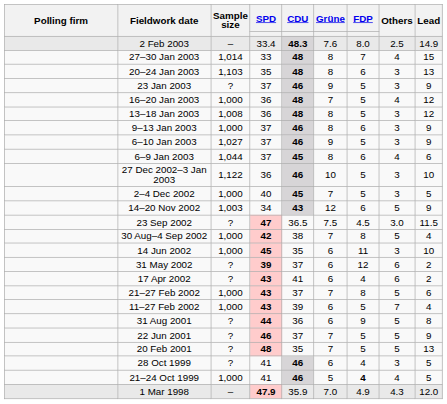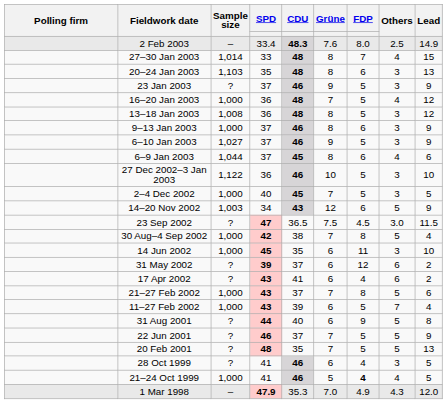 <table class="wikitable sortable" style="text-align:center;font-size:90%;line-height:14px;">
 <tr style="height:40px;">
 <th style="width:160px;" rowspan="2">Polling firm</th>
 <th style="width:130px;" rowspan="2">Fieldwork date</th>
 <th style="width:35px;" rowspan="2">Sample<br>size</th>
 <th class="unsortable" style="width:40px;"><a href='#'>SPD</a></th>
 <th class="unsortable" style="width:40px;"><a href='#'>CDU</a></th>
 <th class="unsortable" style="width:40px;"><a href='#'>Grüne</a></th>
 <th class="unsortable" style="width:40px;"><a href='#'>FDP</a></th>
 <th class="unsortable" style="width:40px;" rowspan="2">Others</th>
 <th style="width:30px;" rowspan="2">Lead</th>
 </tr>
 <tr>
 <th style="background:"></th>
 <th style="background:"></th>
 <th style="background:"></th>
 <th style="background:"></th>
 </tr>
 <tr style="background:#E9E9E9;">
 <td></td>
 <td data-sort-value="2003-02-02">2 Feb 2003</td>
 <td>–</td>
 <td>33.4</td>
 <td style="background:#D7D5D7;"><strong>48.3</strong></td>
 <td>7.6</td>
 <td>8.0</td>
 <td>2.5</td>
 <td style="background:">14.9</td>
 </tr>
 <tr>
 <td></td>
 <td data-sort-value="2003-01-31">27–30 Jan 2003</td>
 <td>1,014</td>
 <td>33</td>
 <td style="background:#D7D5D7;"><strong>48</strong></td>
 <td>8</td>
 <td>7</td>
 <td>4</td>
 <td style="background:">15</td>
 </tr>
 <tr>
 <td></td>
 <td data-sort-value="2003-01-29">20–24 Jan 2003</td>
 <td>1,103</td>
 <td>35</td>
 <td style="background:#D7D5D7;"><strong>48</strong></td>
 <td>8</td>
 <td>6</td>
 <td>3</td>
 <td style="background:">13</td>
 </tr>
 <tr>
 <td></td>
 <td data-sort-value="2003-01-23">23 Jan 2003</td>
 <td>?</td>
 <td>37</td>
 <td style="background:#D7D5D7;"><strong>46</strong></td>
 <td>9</td>
 <td>5</td>
 <td>3</td>
 <td style="background:">9</td>
 </tr>
 <tr>
 <td></td>
 <td data-sort-value="2003-01-22">16–20 Jan 2003</td>
 <td>1,000</td>
 <td>36</td>
 <td style="background:#D7D5D7;"><strong>48</strong></td>
 <td>7</td>
 <td>5</td>
 <td>4</td>
 <td style="background:">12</td>
 </tr>
 <tr>
 <td></td>
 <td data-sort-value="2003-01-22">13–18 Jan 2003</td>
 <td>1,008</td>
 <td>36</td>
 <td style="background:#D7D5D7;"><strong>48</strong></td>
 <td>8</td>
 <td>5</td>
 <td>3</td>
 <td style="background:">12</td>
 </tr>
 <tr>
 <td></td>
 <td data-sort-value="2003-01-15">9–13 Jan 2003</td>
 <td>1,000</td>
 <td>37</td>
 <td style="background:#D7D5D7;"><strong>46</strong></td>
 <td>8</td>
 <td>6</td>
 <td>3</td>
 <td style="background:">9</td>
 </tr>
 <tr>
 <td></td>
 <td data-sort-value="2003-01-15">6–10 Jan 2003</td>
 <td>1,027</td>
 <td>37</td>
 <td style="background:#D7D5D7;"><strong>46</strong></td>
 <td>9</td>
 <td>5</td>
 <td>3</td>
 <td style="background:">9</td>
 </tr>
 <tr>
 <td></td>
 <td data-sort-value="2003-01-10">6–9 Jan 2003</td>
 <td>1,044</td>
 <td>37</td>
 <td style="background:#D7D5D7;"><strong>45</strong></td>
 <td>8</td>
 <td>6</td>
 <td>4</td>
 <td style="background:">6</td>
 </tr>
 <tr>
 <td></td>
 <td data-sort-value="2003-01-07">27 Dec 2002–3 Jan 2003</td>
 <td>1,122</td>
 <td>36</td>
 <td style="background:#D7D5D7;"><strong>46</strong></td>
 <td>10</td>
 <td>5</td>
 <td>3</td>
 <td style="background:">10</td>
 </tr>
 <tr>
 <td></td>
 <td data-sort-value="2002-12-06">2–4 Dec 2002</td>
 <td>1,000</td>
 <td>40</td>
 <td style="background:#D7D5D7;"><strong>45</strong></td>
 <td>7</td>
 <td>5</td>
 <td>3</td>
 <td style="background:">5</td>
 </tr>
 <tr>
 <td></td>
 <td data-sort-value="2002-11-22">14–20 Nov 2002</td>
 <td>1,003</td>
 <td>34</td>
 <td style="background:#D7D5D7;"><strong>43</strong></td>
 <td>12</td>
 <td>6</td>
 <td>5</td>
 <td style="background:">9</td>
 </tr>
 <tr>
 <td></td>
 <td data-sort-value="2002-09-23">23 Sep 2002</td>
 <td>?</td>
 <td style="background:#FFCCCC;"><strong>47</strong></td>
 <td>36.5</td>
 <td>7.5</td>
 <td>4.5</td>
 <td>3.0</td>
 <td style="background:">11.5</td>
 </tr>
 <tr>
 <td></td>
 <td data-sort-value="2002-09-06">30 Aug–4 Sep 2002</td>
 <td>1,000</td>
 <td style="background:#FFCCCC;"><strong>42</strong></td>
 <td>38</td>
 <td>7</td>
 <td>8</td>
 <td>5</td>
 <td style="background:">4</td>
 </tr>
 <tr>
 <td></td>
 <td data-sort-value="2002-06-14">14 Jun 2002</td>
 <td>1,000</td>
 <td style="background:#FFCCCC;"><strong>45</strong></td>
 <td>35</td>
 <td>6</td>
 <td>11</td>
 <td>3</td>
 <td style="background:">10</td>
 </tr>
 <tr>
 <td></td>
 <td data-sort-value="2002-05-31">31 May 2002</td>
 <td>?</td>
 <td style="background:#FFCCCC;"><strong>39</strong></td>
 <td>37</td>
 <td>6</td>
 <td>12</td>
 <td>6</td>
 <td style="background:">2</td>
 </tr>
 <tr>
 <td></td>
 <td data-sort-value="2002-04-17">17 Apr 2002</td>
 <td>?</td>
 <td style="background:#FFCCCC;"><strong>43</strong></td>
 <td>41</td>
 <td>6</td>
 <td>4</td>
 <td>6</td>
 <td style="background:">2</td>
 </tr>
 <tr>
 <td></td>
 <td data-sort-value="2002-03-01">21–27 Feb 2002</td>
 <td>1,000</td>
 <td style="background:#FFCCCC;"><strong>43</strong></td>
 <td>37</td>
 <td>7</td>
 <td>8</td>
 <td>5</td>
 <td style="background:">6</td>
 </tr>
 <tr>
 <td></td>
 <td data-sort-value="2002-03-01">11–27 Feb 2002</td>
 <td>1,000</td>
 <td style="background:#FFCCCC;"><strong>43</strong></td>
 <td>39</td>
 <td>6</td>
 <td>5</td>
 <td>7</td>
 <td style="background:">4</td>
 </tr>
 <tr>
 <td></td>
 <td data-sort-value="2001-08-31">31 Aug 2001</td>
 <td>?</td>
 <td style="background:#FFCCCC;"><strong>44</strong></td>
-<td>36</td>
+<td>40</td>
 <td>6</td>
 <td>9</td>
 <td>5</td>
 <td style="background:">8</td>
 </tr>
 <tr>
 <td></td>
 <td data-sort-value="2001-06-22">22 Jun 2001</td>
 <td>?</td>
 <td style="background:#FFCCCC;"><strong>46</strong></td>
 <td>37</td>
 <td>7</td>
 <td>5</td>
 <td>5</td>
 <td style="background:">9</td>
 </tr>
 <tr>
 <td></td>
 <td data-sort-value="2001-02-20">20 Feb 2001</td>
 <td>?</td>
 <td style="background:#FFCCCC;"><strong>48</strong></td>
 <td>35</td>
 <td>7</td>
 <td>5</td>
 <td>5</td>
 <td style="background:">13</td>
 </tr>
 <tr>
 <td></td>
 <td data-sort-value="1999-10-28">28 Oct 1999</td>
 <td>?</td>
 <td>41</td>
 <td style="background:#D7D5D7;"><strong>46</strong></td>
 <td>6</td>
 <td>4</td>
 <td>3</td>
 <td style="background:">5</td>
 </tr>
 <tr>
 <td></td>
 <td data-sort-value="1999-10-28">21–24 Oct 1999</td>
 <td>1,000</td>
 <td>41</td>
 <td style="background:#D7D5D7;"><strong>46</strong></td>
 <td>5</td>
 <td><strong>4</strong></td>
 <td>4</td>
 <td style="background:">5</td>
 </tr>
 <tr style="background:#E9E9E9;">
 <td></td>
 <td data-sort-value="1998-03-01">1 Mar 1998</td>
 <td>–</td>
 <td style="background:#FFCCCC;"><strong>47.9</strong></td>
-<td>35.9</td>
+<td>35.3</td>
 <td>7.0</td>
 <td>4.9</td>
 <td>4.3</td>
 <td style="background:">12.0</td>
 </tr>
 </table>
